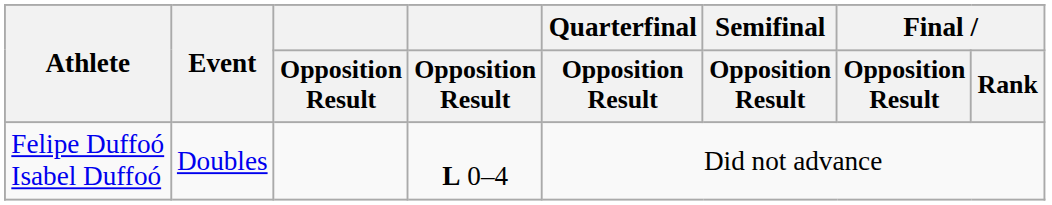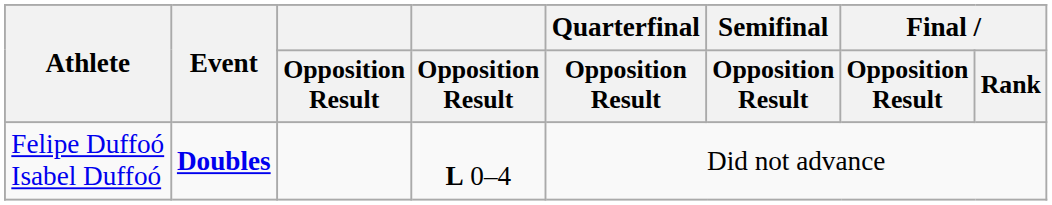 <table class=wikitable style=font-size:90%;text-align:center>
 <tr>
 <th rowspan=2>Athlete</th>
 <th rowspan=2>Event</th>
 <th></th>
 <th></th>
 <th>Quarterfinal</th>
 <th>Semifinal</th>
 <th colspan=2>Final / </th>
 </tr>
 <tr style=font-size:95%>
 <th>Opposition<br>Result</th>
 <th>Opposition<br>Result</th>
 <th>Opposition<br>Result</th>
 <th>Opposition<br>Result</th>
 <th>Opposition<br>Result</th>
 <th>Rank</th>
 </tr>
 <tr>
 <td align=left><a href='#'>Felipe Duffoó</a><br><a href='#'>Isabel Duffoó</a></td>
-<td align=left><a href='#'>Doubles</a></td>
+<td align=left><strong><a href='#'>Doubles</a></strong></td>
 <td></td>
 <td><br><strong>L</strong> 0–4</td>
 <td colspan=4>Did not advance</td>
 </tr>
 </table>
